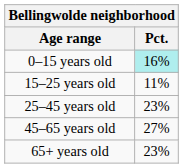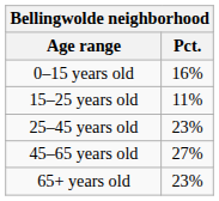 <table class="wikitable" style="float:right;text-align:center">
 <tr>
 <th colspan="2">Bellingwolde neighborhood</th>
 </tr>
 <tr>
 <th>Age range</th>
 <th>Pct.</th>
 </tr>
 <tr>
 <td>0–15 years old</td>
-<td style="background: paleturquoise;">16%</td>
+<td>16%</td>
 </tr>
 <tr>
 <td>15–25 years old</td>
 <td>11%</td>
 </tr>
 <tr>
 <td>25–45 years old</td>
 <td>23%</td>
 </tr>
 <tr>
 <td>45–65 years old</td>
 <td>27%</td>
 </tr>
 <tr>
 <td>65+ years old</td>
 <td>23%</td>
 </tr>
 </table>
